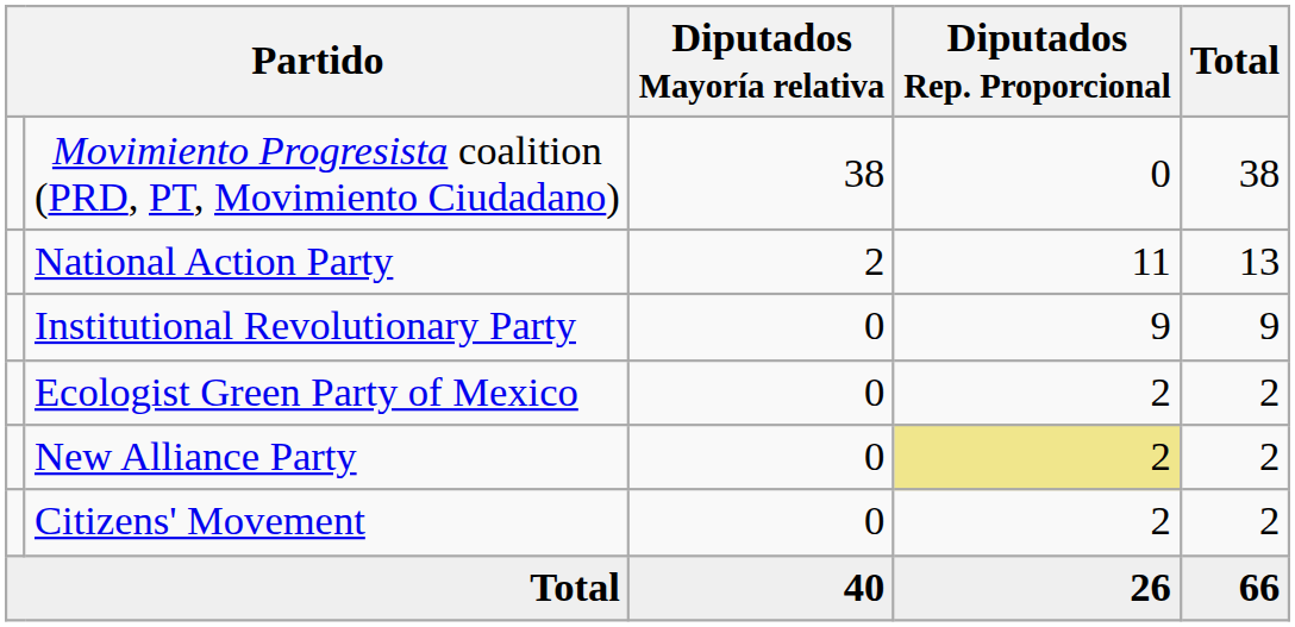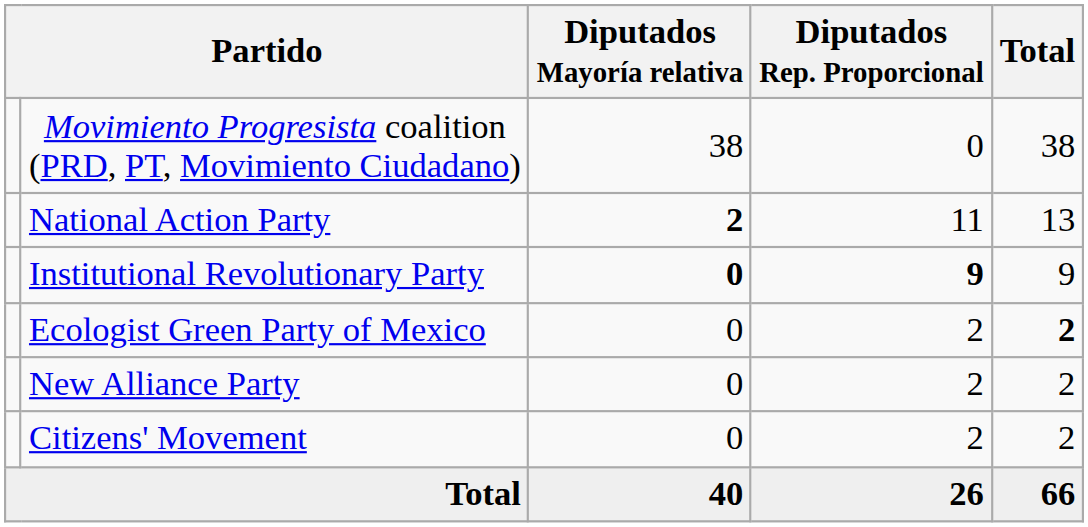 <table class="wikitable">
 <tr>
 <th colspan="2"><strong>Partido</strong></th>
 <th><strong>Diputados</strong><br><strong><small>Mayoría relativa</small></strong></th>
 <th><strong>Diputados</strong><br><strong><small>Rep. Proporcional</small></strong></th>
 <th><strong>Total</strong></th>
 </tr>
 <tr align="right">
 <td></td>
 <td align="center"><a href='#'><em>Movimiento Progresista</em></a> coalition<br>(<a href='#'>PRD</a>, <a href='#'>PT</a>, <a href='#'>Movimiento Ciudadano</a>)</td>
 <td>38</td>
 <td>0</td>
 <td>38</td>
 </tr>
 <tr align="right">
 <td></td>
 <td align="left"><a href='#'>National Action Party</a></td>
-<td>2</td>
+<td><strong>2</strong></td>
 <td>11</td>
 <td>13</td>
 </tr>
 <tr align="right">
 <td></td>
 <td align="left"><a href='#'>Institutional Revolutionary Party</a></td>
-<td>0</td>
-<td>9</td>
+<td><strong>0</strong></td>
+<td><strong>9</strong></td>
 <td>9</td>
 </tr>
 <tr align="right">
 <td></td>
 <td align="left"><a href='#'>Ecologist Green Party of Mexico</a></td>
 <td>0</td>
 <td>2</td>
-<td>2</td>
+<td><strong>2</strong></td>
 </tr>
 <tr align="right">
 <td></td>
 <td align="left"><a href='#'>New Alliance Party</a><br></td>
 <td>0</td>
-<td style="background: khaki;">2</td>
+<td>2</td>
 <td>2</td>
 </tr>
 <tr align="right">
 <td></td>
 <td align="left"><a href='#'>Citizens' Movement</a></td>
 <td>0</td>
 <td>2</td>
 <td>2</td>
 </tr>
 <tr align="right" style="background:#efefef;">
 <td colspan="2"><strong>Total</strong></td>
 <td><strong>40</strong></td>
 <td><strong>26</strong></td>
 <td><strong>66</strong></td>
 </tr>
 </table>
